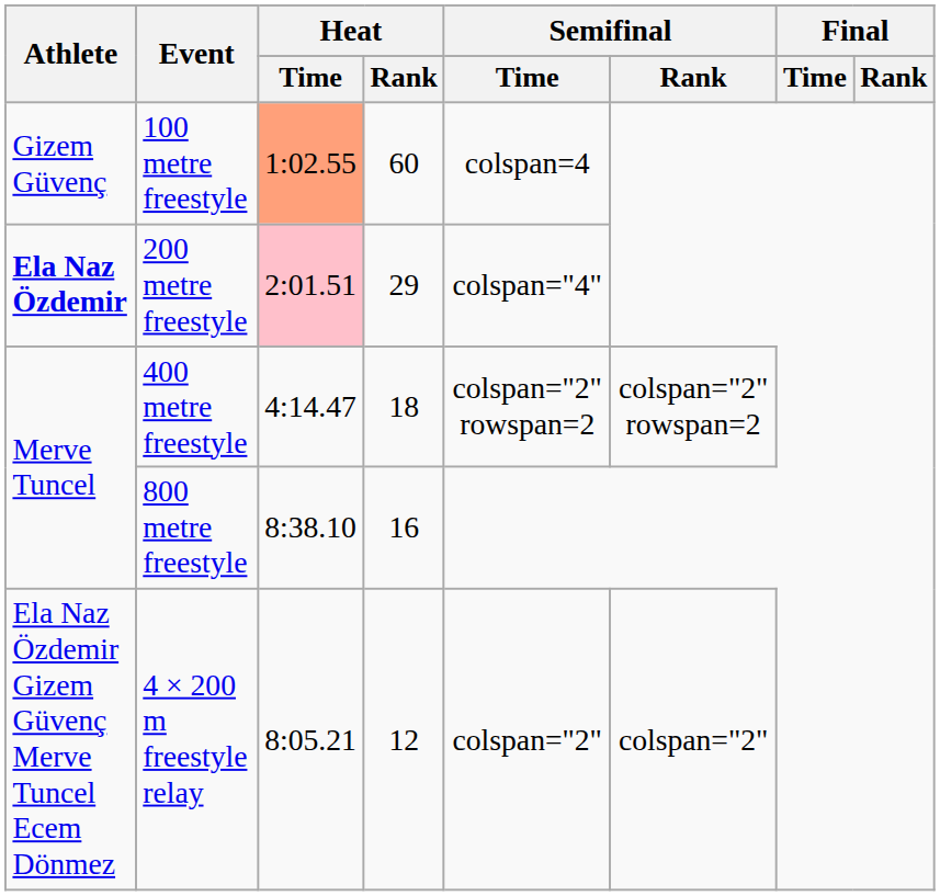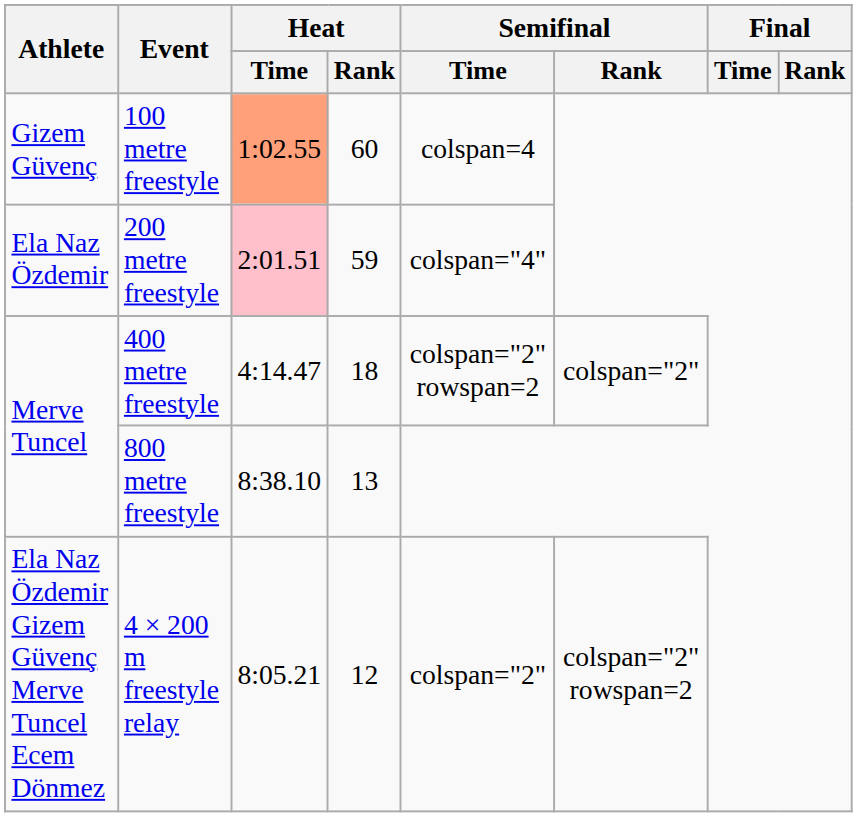 <table class="wikitable" style="text-align:center; font-size:90%; width:50%;">
 <tr>
 <th rowspan="2">Athlete</th>
 <th rowspan="2">Event</th>
 <th colspan="2">Heat</th>
 <th colspan="2">Semifinal</th>
 <th colspan="2">Final</th>
 </tr>
 <tr style="font-size:95%">
 <th>Time</th>
 <th>Rank</th>
 <th>Time</th>
 <th>Rank</th>
 <th>Time</th>
 <th>Rank</th>
 </tr>
 <tr align=center>
 <td align=left><a href='#'>Gizem Güvenç</a></td>
 <td align=left><a href='#'>100 metre freestyle</a></td>
 <td style="background: lightsalmon;">1:02.55</td>
 <td>60</td>
 <td>colspan=4 </td>
 </tr>
 <tr align=center>
-<td align=left><strong><a href='#'>Ela Naz Özdemir</a></strong></td>
+<td align=left><a href='#'>Ela Naz Özdemir</a></td>
 <td align=left><a href='#'>200 metre freestyle</a></td>
 <td style="background: pink;">2:01.51</td>
-<td>29</td>
+<td>59</td>
 <td>colspan="4" </td>
 </tr>
 <tr align=center>
 <td align=left rowspan=2><a href='#'>Merve Tuncel</a></td>
 <td align=left><a href='#'>400 metre freestyle</a></td>
 <td>4:14.47</td>
 <td>18</td>
 <td>colspan="2" rowspan=2 </td>
-<td>colspan="2" rowspan=2 </td>
+<td>colspan="2" </td>
 </tr>
 <tr align=center>
 <td align=left><a href='#'>800 metre freestyle</a></td>
 <td>8:38.10</td>
-<td>16</td>
+<td>13</td>
 </tr>
 <tr align=center>
 <td align=left><a href='#'>Ela Naz Özdemir</a><br><a href='#'>Gizem Güvenç</a> <br><a href='#'>Merve Tuncel</a><br><a href='#'>Ecem Dönmez</a></td>
 <td align=left><a href='#'>4 × 200 m freestyle relay</a></td>
 <td>8:05.21</td>
 <td>12</td>
 <td>colspan="2"  </td>
-<td>colspan="2" </td>
+<td>colspan="2" rowspan=2 </td>
 </tr>
 </table>
